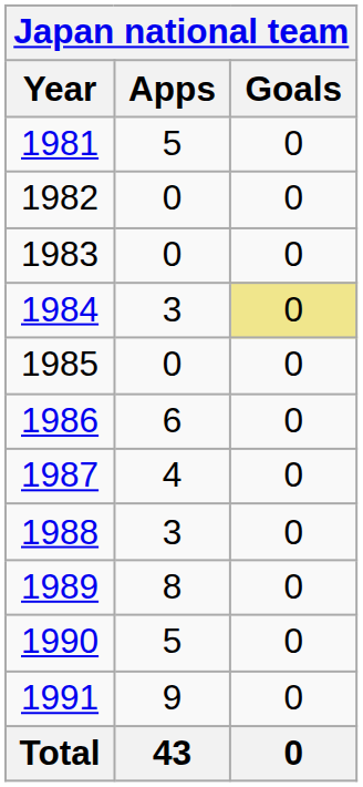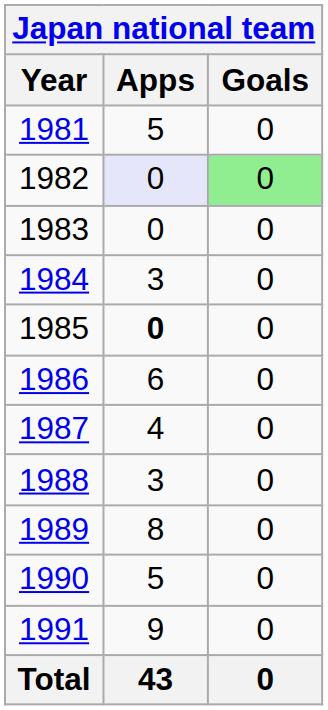 <table class="wikitable" style="text-align:center">
 <tr>
 <th colspan=3><a href='#'>Japan national team</a></th>
 </tr>
 <tr>
 <th>Year</th>
 <th>Apps</th>
 <th>Goals</th>
 </tr>
 <tr>
 <td><a href='#'>1981</a></td>
 <td>5</td>
 <td>0</td>
 </tr>
 <tr>
 <td>1982</td>
-<td>0</td>
-<td>0</td>
+<td style="background: lavender;">0</td>
+<td style="background: lightgreen;">0</td>
 </tr>
 <tr>
 <td>1983</td>
 <td>0</td>
 <td>0</td>
 </tr>
 <tr>
 <td><a href='#'>1984</a></td>
 <td>3</td>
-<td style="background: khaki;">0</td>
+<td>0</td>
 </tr>
 <tr>
 <td>1985</td>
-<td>0</td>
+<td><strong>0</strong></td>
 <td>0</td>
 </tr>
 <tr>
 <td><a href='#'>1986</a></td>
 <td>6</td>
 <td>0</td>
 </tr>
 <tr>
 <td><a href='#'>1987</a></td>
 <td>4</td>
 <td>0</td>
 </tr>
 <tr>
 <td><a href='#'>1988</a></td>
 <td>3</td>
 <td>0</td>
 </tr>
 <tr>
 <td><a href='#'>1989</a></td>
 <td>8</td>
 <td>0</td>
 </tr>
 <tr>
 <td><a href='#'>1990</a></td>
 <td>5</td>
 <td>0</td>
 </tr>
 <tr>
 <td><a href='#'>1991</a></td>
 <td>9</td>
 <td>0</td>
 </tr>
 <tr>
 <th>Total</th>
 <th>43</th>
 <th>0</th>
 </tr>
 </table>
